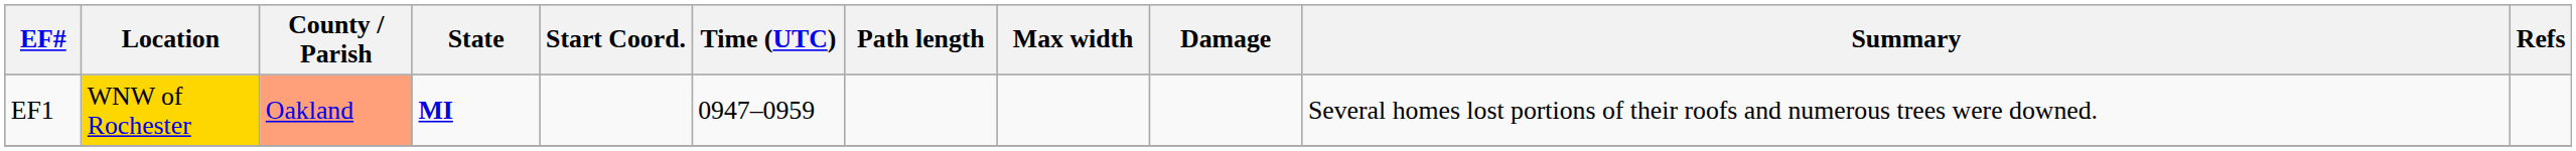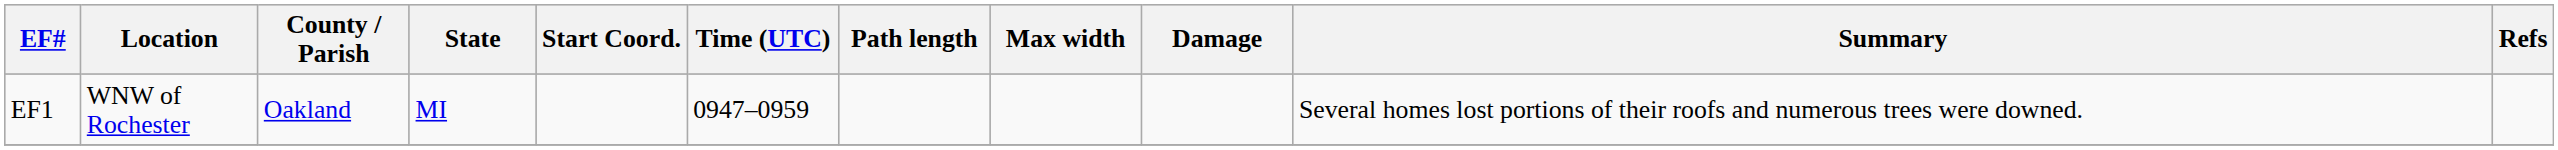 <table class="wikitable sortable" style="width:100%;">
 <tr>
 <th scope="col" width="3%" align="center"><a href='#'>EF#</a></th>
 <th scope="col" width="7%" align="center" class="unsortable">Location</th>
 <th scope="col" width="6%" align="center" class="unsortable">County / Parish</th>
 <th scope="col" width="5%" align="center">State</th>
 <th scope="col" width="6%" align="center">Start Coord.</th>
 <th scope="col" width="6%" align="center">Time (<a href='#'>UTC</a>)</th>
 <th scope="col" width="6%" align="center">Path length</th>
 <th scope="col" width="6%" align="center">Max width</th>
 <th scope="col" width="6%" align="center">Damage</th>
 <th scope="col" width="48%" class="unsortable" align="center">Summary</th>
 <th scope="col" width="48%" class="unsortable" align="center">Refs</th>
 </tr>
 <tr>
 <td>EF1</td>
-<td style="background: gold;">WNW of <a href='#'>Rochester</a></td>
-<td style="background: lightsalmon;"><a href='#'>Oakland</a></td>
-<td><strong><a href='#'>MI</a></strong></td>
+<td>WNW of <a href='#'>Rochester</a></td>
+<td><a href='#'>Oakland</a></td>
+<td><a href='#'>MI</a></td>
 <td></td>
 <td>0947–0959</td>
 <td></td>
 <td></td>
 <td></td>
 <td>Several homes lost portions of their roofs and numerous trees were downed.</td>
 <td></td>
 </tr>
 <tr>
 </tr>
 </table>
